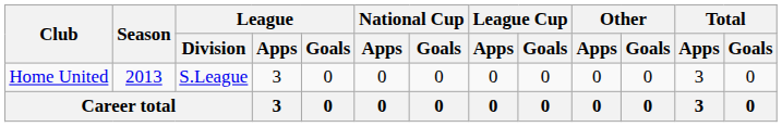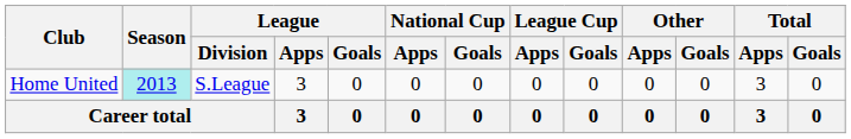 <table class="wikitable" style="text-align: center">
 <tr>
 <th rowspan="2">Club</th>
 <th rowspan="2">Season</th>
 <th colspan="3">League</th>
 <th colspan="2">National Cup</th>
 <th colspan="2">League Cup</th>
 <th colspan="2">Other</th>
 <th colspan="2">Total</th>
 </tr>
 <tr>
 <th>Division</th>
 <th>Apps</th>
 <th>Goals</th>
 <th>Apps</th>
 <th>Goals</th>
 <th>Apps</th>
 <th>Goals</th>
 <th>Apps</th>
 <th>Goals</th>
 <th>Apps</th>
 <th>Goals</th>
 </tr>
 <tr>
 <td><a href='#'>Home United</a></td>
-<td><a href='#'>2013</a></td>
+<td style="background: paleturquoise;"><a href='#'>2013</a></td>
 <td><a href='#'>S.League</a></td>
 <td>3</td>
 <td>0</td>
 <td>0</td>
 <td>0</td>
 <td>0</td>
 <td>0</td>
 <td>0</td>
 <td>0</td>
 <td>3</td>
 <td>0</td>
 </tr>
 <tr>
 <th colspan=3>Career total</th>
 <th>3</th>
 <th>0</th>
 <th>0</th>
 <th>0</th>
 <th>0</th>
 <th>0</th>
 <th>0</th>
 <th>0</th>
 <th>3</th>
 <th>0</th>
 </tr>
 </table>
